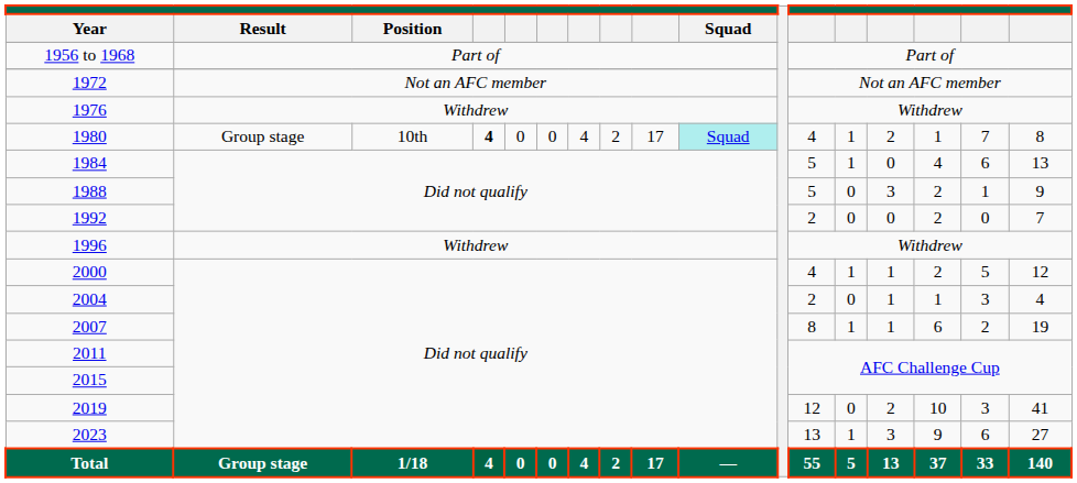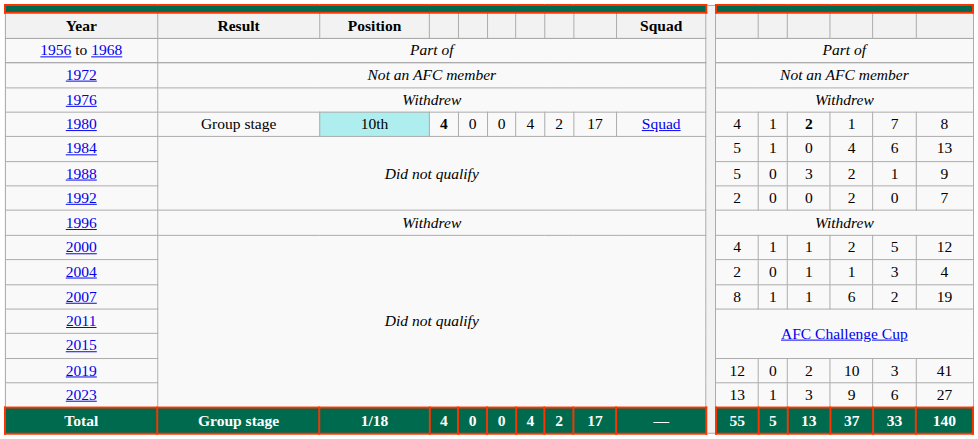 <table class="wikitable" style="text-align:center;font-size:100%;width: 1000px">
 <tr>
 <th colspan=10 style="background: #006a4e;border: 2px solid #ff3300;color: #FFFFFF;"><a href='#'></a></th>
 <th style="width:1%;" rowspan="20"></th>
 <th colspan=6 style="background: #006a4e;border: 2px solid #ff3300;color: #FFFFFF;"><a href='#'></a></th>
 </tr>
 <tr>
 <th width=150>Year</th>
 <th>Result</th>
 <th>Position</th>
 <th></th>
 <th></th>
 <th></th>
 <th></th>
 <th></th>
 <th></th>
 <th>Squad</th>
 <th></th>
 <th></th>
 <th></th>
 <th></th>
 <th></th>
 <th></th>
 </tr>
 <tr>
 </tr>
 <tr>
 <td> <a href='#'>1956</a> to  <a href='#'>1968</a></td>
 <td colspan=9><em>Part of </em></td>
 <td colspan=6><em>Part of </em></td>
 </tr>
 <tr>
 </tr>
 <tr>
 <td> <a href='#'>1972</a></td>
 <td colspan=9><em>Not an AFC member</em></td>
 <td colspan=7><em>Not an AFC member</em></td>
 </tr>
 <tr>
 <td> <a href='#'>1976</a></td>
 <td colspan=9><em>Withdrew</em></td>
 <td colspan=7><em>Withdrew</em></td>
 </tr>
 <tr>
 <td> <a href='#'>1980</a></td>
 <td>Group stage</td>
-<td>10th</td>
+<td style="background: paleturquoise;">10th</td>
 <td><strong>4</strong></td>
 <td>0</td>
 <td>0</td>
 <td>4</td>
 <td>2</td>
 <td>17</td>
-<td style="background: paleturquoise;"><a href='#'>Squad</a></td>
+<td><a href='#'>Squad</a></td>
 <td>4</td>
 <td>1</td>
-<td>2</td>
+<td><strong>2</strong></td>
 <td>1</td>
 <td>7</td>
 <td>8</td>
 </tr>
 <tr>
 <td> <a href='#'>1984</a></td>
 <td colspan=9 rowspan=3><em>Did not qualify</em></td>
 <td>5</td>
 <td>1</td>
 <td>0</td>
 <td>4</td>
 <td>6</td>
 <td>13</td>
 </tr>
 <tr>
 <td> <a href='#'>1988</a></td>
 <td>5</td>
 <td>0</td>
 <td>3</td>
 <td>2</td>
 <td>1</td>
 <td>9</td>
 </tr>
 <tr>
 <td> <a href='#'>1992</a></td>
 <td>2</td>
 <td>0</td>
 <td>0</td>
 <td>2</td>
 <td>0</td>
 <td>7</td>
 </tr>
 <tr>
 <td> <a href='#'>1996</a></td>
 <td colspan=9><em>Withdrew</em></td>
 <td colspan=7><em>Withdrew</em></td>
 </tr>
 <tr>
 <td> <a href='#'>2000</a></td>
 <td colspan=9 rowspan=7><em>Did not qualify</em></td>
 <td>4</td>
 <td>1</td>
 <td>1</td>
 <td>2</td>
 <td>5</td>
 <td>12</td>
 </tr>
 <tr>
 <td> <a href='#'>2004</a></td>
 <td>2</td>
 <td>0</td>
 <td>1</td>
 <td>1</td>
 <td>3</td>
 <td>4</td>
 </tr>
 <tr>
 <td>    <a href='#'>2007</a></td>
 <td>8</td>
 <td>1</td>
 <td>1</td>
 <td>6</td>
 <td>2</td>
 <td>19</td>
 </tr>
 <tr>
 <td> <a href='#'>2011</a></td>
 <td rowspan=2 colspan=6><a href='#'>AFC Challenge Cup</a></td>
 </tr>
 <tr>
 <td> <a href='#'>2015</a></td>
 </tr>
 <tr>
 <td> <a href='#'>2019</a></td>
 <td>12</td>
 <td>0</td>
 <td>2</td>
 <td>10</td>
 <td>3</td>
 <td>41</td>
 </tr>
 <tr>
 <td> <a href='#'>2023</a></td>
 <td>13</td>
 <td>1</td>
 <td>3</td>
 <td>9</td>
 <td>6</td>
 <td>27</td>
 </tr>
 <tr>
 <td style="background: #006a4e;border: 2px solid #ff3300;color:white; "><strong>Total</strong></td>
 <td style="background: #006a4e;border: 2px solid #ff3300;color:white; "><strong>Group stage</strong></td>
 <td style="background: #006a4e;border: 2px solid #ff3300;color:white; "><strong>1/18</strong></td>
 <td style="background: #006444;border: 2px solid #ff3300;color:white; "><strong>4</strong></td>
 <td style="background: #006a4e;border: 2px solid #ff3300;color:white; "><strong>0</strong></td>
 <td style="background: #006a4e;border: 2px solid #ff3300;color:white; "><strong>0</strong></td>
 <td style="background: #006a4e;border: 2px solid #ff3300;color:white; "><strong>4</strong></td>
 <td style="background: #006a4e;border: 2px solid #ff3300;color:white; "><strong>2</strong></td>
 <td style="background: #006a4e;border: 2px solid #ff3300;color:white; "><strong>17</strong></td>
 <td style="background: #006a4e;border: 2px solid #ff3300;color:white; "><strong>—</strong></td>
 <td style="background: #006a4e;border: 2px solid #ff3300;color:white; "><strong>55</strong></td>
 <td style="background: #006a4e;border: 2px solid #ff3300;color:white; "><strong>5</strong></td>
 <td style="background: #006a4e;border: 2px solid #ff3300;color:white; "><strong>13</strong></td>
 <td style="background: #006a4e;border: 2px solid #ff3300;color:white; "><strong>37</strong></td>
 <td style="background: #006a4e;border: 2px solid #ff3300;color:white; "><strong>33</strong></td>
 <td style="background: #006a4e;border: 2px solid #ff3300;color:white; "><strong>140</strong></td>
 </tr>
 </table>
